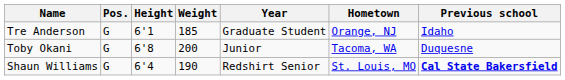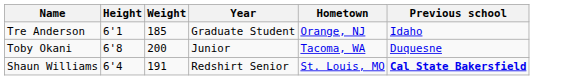 <table class="wikitable sortable" border="1">
 <tr align=center>
 <th>Name</th>
-<th>Pos.</th>
 <th>Height</th>
 <th>Weight</th>
 <th>Year</th>
 <th>Hometown</th>
 <th>Previous school</th>
 </tr>
 <tr>
 <td>Tre Anderson</td>
-<td>G</td>
 <td>6'1</td>
 <td>185</td>
 <td>Graduate Student</td>
 <td><a href='#'>Orange, NJ</a></td>
 <td><a href='#'>Idaho</a></td>
 </tr>
 <tr>
 <td>Toby Okani</td>
-<td>G</td>
 <td>6'8</td>
 <td>200</td>
 <td>Junior</td>
 <td><a href='#'>Tacoma, WA</a></td>
 <td><a href='#'>Duquesne</a></td>
 </tr>
 <tr>
 <td>Shaun Williams</td>
-<td>G</td>
 <td>6'4</td>
-<td>190</td>
+<td>191</td>
 <td>Redshirt Senior</td>
 <td><a href='#'>St. Louis, MO</a></td>
 <td><strong><a href='#'>Cal State Bakersfield</a></strong></td>
 </tr>
 </table>
